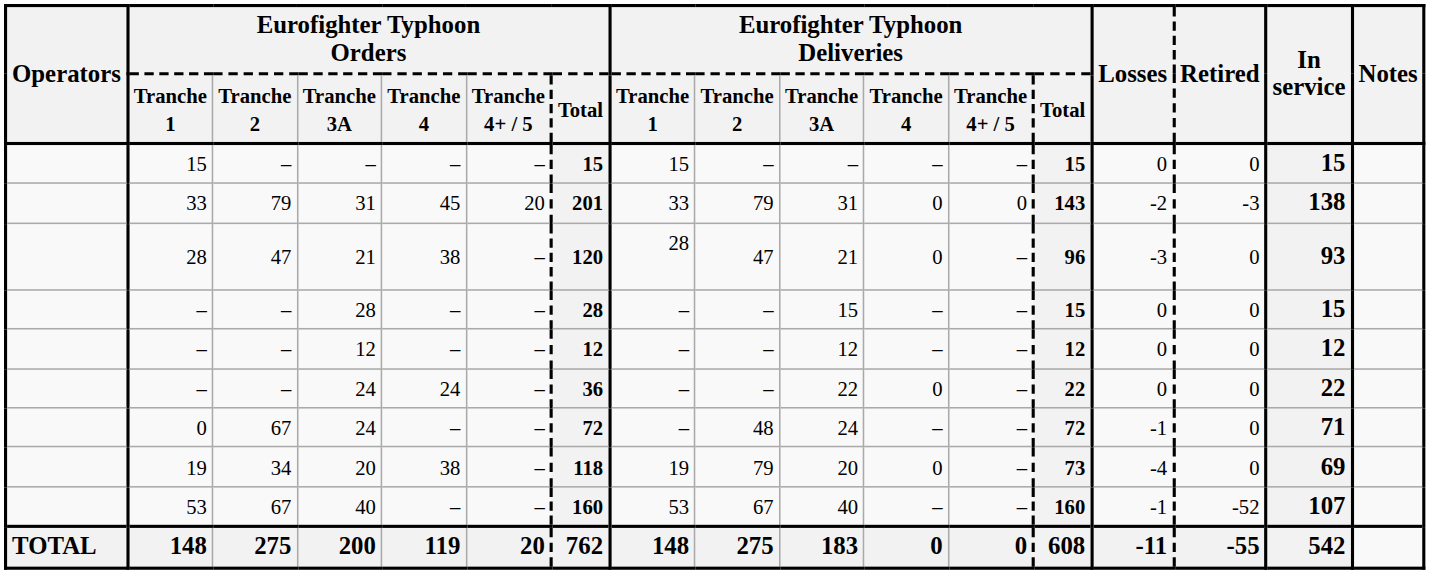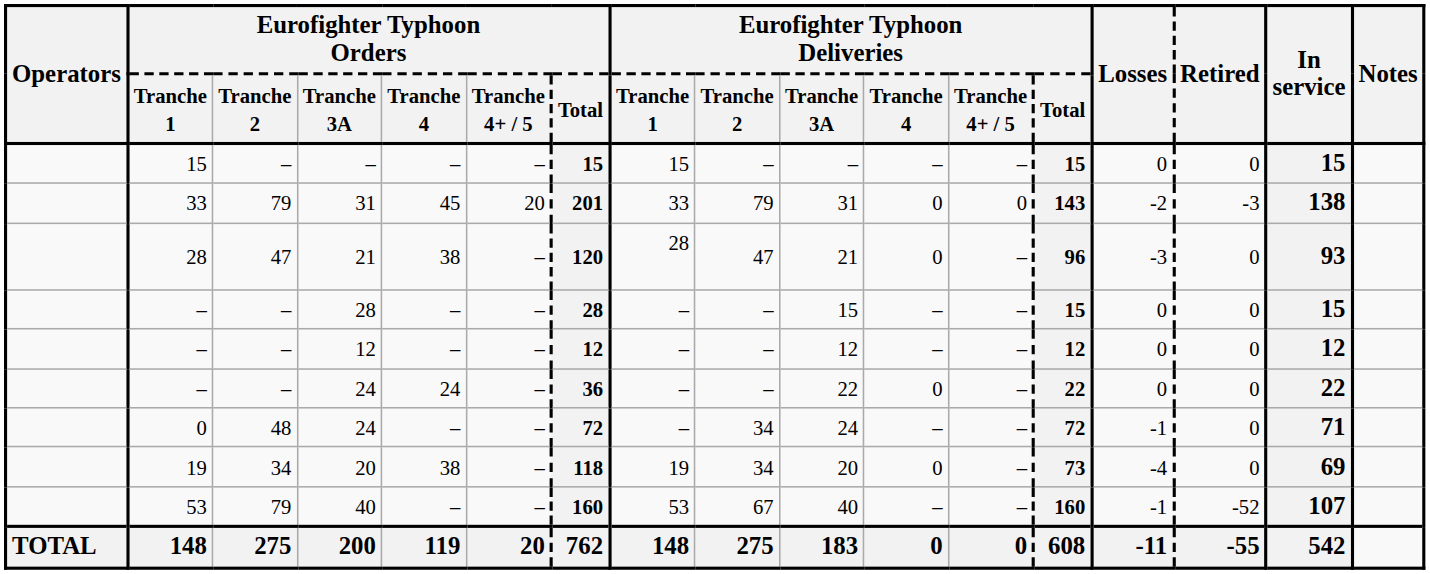 <table class="wikitable">
 <tr>
 <th rowspan="2" style="width: 150px;border-right:solid 2px black;border-left:solid 2px black;border-top:solid 2px black;border-bottom:solid 2px black; text-align:left">Operators</th>
 <th colspan="6" style="border-right:solid 2px black;border-top:solid 2px black">Eurofighter Typhoon<br>Orders</th>
 <th colspan="6" style="border-right:solid 2px black;border-top:solid 2px black">Eurofighter Typhoon<br>Deliveries</th>
 <th rowspan="2" style="border-right:dashed 2px black;border-top:solid 2px black;border-bottom:solid 2px black">Losses</th>
 <th rowspan="2" style="border-right:solid 2px black;border-top:solid 2px black;border-bottom:solid 2px black">Retired</th>
 <th rowspan="2" style="border-right:solid 2px black;border-top:solid 2px black;border-bottom:solid 2px black">In service</th>
 <th rowspan="2" style="border-right:solid 2px black;border-top:solid 2px black;border-bottom:solid 2px black">Notes</th>
 </tr>
 <tr>
 <th style="width: 37px;border-top:dashed 2px black;border-bottom:solid 2px black"><small>Tranche 1</small></th>
 <th style="width: 37px;border-top:dashed 2px black;border-bottom:solid 2px black"><small>Tranche 2</small></th>
 <th style="width: 37px;border-top:dashed 2px black;border-bottom:solid 2px black"><small>Tranche 3A</small></th>
 <th style="width: 37px;border-top:dashed 2px black;border-bottom:solid 2px black"><small>Tranche 4</small></th>
 <th style="width: 37px;border-top:dashed 2px black;border-bottom:solid 2px black"><small>Tranche 4+ / 5</small></th>
 <th style="width: 50px;border-top:dashed 2px black;border-left:dashed 2px black;border-right:solid 2px black;border-bottom:solid 2px black"><small>Total</small></th>
 <th style="width: 37px;border-top:dashed 2px black;border-bottom:solid 2px black"><small>Tranche 1</small></th>
 <th style="width: 37px;border-top:dashed 2px black;border-bottom:solid 2px black"><small>Tranche 2</small></th>
 <th style="width: 37px;border-top:dashed 2px black;border-bottom:solid 2px black"><small>Tranche 3A</small></th>
 <th style="width: 37px;border-top:dashed 2px black;border-bottom:solid 2px black"><small>Tranche 4</small></th>
 <th style="width: 37px;border-top:dashed 2px black;border-bottom:solid 2px black"><small>Tranche 4+ / 5</small></th>
 <th style="width: 50px;border-top:dashed 2px black;border-left:dashed 2px black;border-right:solid 2px black;border-bottom:solid 2px black; text-align:left"><small>Total</small></th>
 </tr>
 <tr>
 <td style="border-right:solid 2px black;border-left:solid 2px black"><small></small></td>
 <td style="text-align:right"><small>15</small></td>
 <td style="text-align:right"><small>–</small></td>
 <td style="text-align:right"><small>–</small></td>
 <td style="text-align:right"><small>–</small></td>
 <td style="text-align:right"><small>–</small></td>
 <th style="width: 35px;border-left:dashed 2px black;border-right:solid 2px black;text-align:right"><small>15</small></th>
 <td style="text-align:right"><small>15</small></td>
 <td style="text-align:right"><small>–</small></td>
 <td style="text-align:right"><small>–</small></td>
 <td style="text-align:right"><small>–</small></td>
 <td style="text-align:right"><small>–</small></td>
 <th style="width: 35px;border-left:dashed 2px black;border-right:solid 2px black;text-align:right"><small>15</small></th>
 <td style="width: 35px;border-right:dashed 2px black;text-align:right"><small>0</small></td>
 <td style="width: 35px;border-right:solid 2px black;text-align:right"><small>0</small></td>
 <th style="width: 35px;border-right:solid 2px black;text-align:right">15</th>
 <td style="width: 35px;border-right:solid 2px black"></td>
 </tr>
 <tr>
 <td style="border-right:solid 2px black;border-left:solid 2px black"><small></small></td>
 <td style="text-align:right"><small>33</small></td>
 <td style="text-align:right"><small>79</small></td>
 <td style="text-align:right"><small>31</small></td>
 <td style="text-align:right"><small>45</small></td>
 <td style="text-align:right"><small>20</small></td>
 <th style="width: 35px;border-left:dashed 2px black;border-right:solid 2px black;text-align:right"><small>201</small></th>
 <td style="text-align:right"><small>33</small><br><small></small></td>
 <td style="text-align:right"><small>79</small><br><small></small></td>
 <td style="text-align:right"><small>31</small></td>
 <td style="text-align:right"><small>0</small><br><small></small></td>
 <td style="text-align:right"><small>0</small><br><small></small></td>
 <th style="width: 35px;border-left:dashed 2px black;border-right:solid 2px black;text-align:right"><small>143</small></th>
 <td style="width: 35px;border-right:dashed 2px black;text-align:right"><small>-2</small></td>
 <td style="width: 35px;border-right:solid 2px black;text-align:right"><small>-3</small></td>
 <th style="width: 35px;border-right:solid 2px black;text-align:right">138</th>
 <td style="width: 35px;border-right:solid 2px black"></td>
 </tr>
 <tr>
 <td style="border-right:solid 2px black;border-left:solid 2px black"><small></small></td>
 <td style="text-align:right"><small>28</small></td>
 <td style="text-align:right"><small>47</small></td>
 <td style="text-align:right"><small>21</small></td>
 <td style="text-align:right"><small>38</small></td>
 <td style="text-align:right"><small>–</small></td>
 <th style="width: 35px;border-left:dashed 2px black;border-right:solid 2px black;text-align:right"><small>120</small></th>
 <td style="text-align:right"><small>28</small><br><small></small><br><small></small></td>
 <td style="text-align:right"><small>47<br></small></td>
 <td style="text-align:right"><small>21<br></small></td>
 <td style="text-align:right"><small>0</small><br><small></small></td>
 <td style="text-align:right"><small>–</small></td>
 <th style="width: 35px;border-left:dashed 2px black;border-right:solid 2px black;text-align:right"><small>96</small></th>
 <td style="width: 35px;border-right:dashed 2px black;text-align:right"><small>-3</small></td>
 <td style="width: 35px;border-right:solid 2px black;text-align:right"><small>0</small></td>
 <th style="width: 35px;border-right:solid 2px black;text-align:right">93</th>
 <td style="width: 35px;border-right:solid 2px black"></td>
 </tr>
 <tr>
 <td style="border-right:solid 2px black;border-left:solid 2px black"><small></small></td>
 <td style="text-align:right"><small>–</small></td>
 <td style="text-align:right"><small>–</small></td>
 <td style="text-align:right"><small>28</small></td>
 <td style="text-align:right"><small>–</small></td>
 <td style="text-align:right"><small>–</small></td>
 <th style="width: 35px;border-left:dashed 2px black;border-right:solid 2px black;text-align:right"><small>28</small></th>
 <td style="text-align:right"><small>–</small></td>
 <td style="text-align:right"><small>–</small></td>
 <td style="text-align:right"><small>15</small><br><small></small></td>
 <td style="text-align:right"><small>–</small></td>
 <td style="text-align:right"><small>–</small></td>
 <th style="width: 35px;border-left:dashed 2px black;border-right:solid 2px black;text-align:right"><small>15</small></th>
 <td style="width: 35px;border-right:dashed 2px black;text-align:right"><small>0</small></td>
 <td style="width: 35px;border-right:solid 2px black;text-align:right"><small>0</small></td>
 <th style="width: 35px;border-right:solid 2px black;text-align:right">15</th>
 <td style="width: 35px;border-right:solid 2px black"></td>
 </tr>
 <tr>
 <td style="border-right:solid 2px black;border-left:solid 2px black"><small></small></td>
 <td style="text-align:right"><small>–</small></td>
 <td style="text-align:right"><small>–</small></td>
 <td style="text-align:right"><small>12</small></td>
 <td style="text-align:right"><small>–</small></td>
 <td style="text-align:right"><small>–</small></td>
 <th style="width: 35px;border-left:dashed 2px black;border-right:solid 2px black;text-align:right"><small>12</small></th>
 <td style="text-align:right"><small>–</small></td>
 <td style="text-align:right"><small>–</small></td>
 <td style="text-align:right"><small>12</small></td>
 <td style="text-align:right"><small>–</small></td>
 <td style="text-align:right"><small>–</small></td>
 <th style="width: 35px;border-left:dashed 2px black;border-right:solid 2px black;text-align:right"><small>12</small></th>
 <td style="width: 35px;border-right:dashed 2px black;text-align:right"><small>0</small></td>
 <td style="width: 35px;border-right:solid 2px black;text-align:right"><small>0</small></td>
 <th style="width: 35px;border-right:solid 2px black;text-align:right">12</th>
 <td style="width: 35px;border-right:solid 2px black"></td>
 </tr>
 <tr>
 <td style="border-right:solid 2px black;border-left:solid 2px black"><small></small></td>
 <td style="text-align:right"><small>–</small></td>
 <td style="text-align:right"><small>–</small></td>
 <td style="text-align:right"><small>24</small></td>
 <td style="text-align:right"><small>24</small></td>
 <td style="text-align:right"><small>–</small></td>
 <th style="width: 35px;border-left:dashed 2px black;border-right:solid 2px black;text-align:right"><small>36</small></th>
 <td style="text-align:right"><small>–</small></td>
 <td style="text-align:right"><small>–</small></td>
 <td style="text-align:right"><small>22</small><br><small></small></td>
 <td style="text-align:right"><small>0</small><br><small></small></td>
 <td style="text-align:right"><small>–</small></td>
 <th style="width: 35px;border-left:dashed 2px black;border-right:solid 2px black;text-align:right"><small>22</small></th>
 <td style="width: 35px;border-right:dashed 2px black;text-align:right"><small>0</small></td>
 <td style="width: 35px;border-right:solid 2px black;text-align:right"><small>0</small></td>
 <th style="width: 35px;border-right:solid 2px black;text-align:right">22</th>
 <td style="width: 35px;border-right:solid 2px black"></td>
 </tr>
 <tr>
 <td style="border-right:solid 2px black;border-left:solid 2px black"><small></small></td>
 <td style="text-align:right"><small>0</small></td>
-<td style="text-align:right"><small>67</small></td>
+<td style="text-align:right"><small>48</small></td>
 <td style="text-align:right"><small>24</small></td>
 <td style="text-align:right"><small>–</small></td>
 <td style="text-align:right"><small>–</small></td>
 <th style="width: 35px;border-left:dashed 2px black;border-right:solid 2px black;text-align:right"><small>72</small></th>
 <td style="text-align:right"><small>–</small></td>
-<td style="text-align:right"><small>48</small><br><small></small></td>
+<td style="text-align:right"><small>34</small><br><small></small></td>
 <td style="text-align:right"><small>24</small></td>
 <td style="text-align:right"><small>–</small></td>
 <td style="text-align:right"><small>–</small></td>
 <th style="width: 35px;border-left:dashed 2px black;border-right:solid 2px black;text-align:right"><small>72</small></th>
 <td style="width: 35px;border-right:dashed 2px black;text-align:right"><small>-1</small></td>
 <td style="width: 35px;border-right:solid 2px black;text-align:right"><small>0</small></td>
 <th style="width: 35px;border-right:solid 2px black;text-align:right">71</th>
 <td style="width: 35px;border-right:solid 2px black"></td>
 </tr>
 <tr>
 <td style="border-right:solid 2px black;border-left:solid 2px black"><small></small></td>
 <td style="text-align:right"><small>19</small></td>
 <td style="text-align:right"><small>34</small></td>
 <td style="text-align:right"><small>20</small></td>
 <td style="text-align:right"><small>38</small></td>
 <td style="text-align:right"><small>–</small></td>
 <th style="width: 35px;border-left:dashed 2px black;border-right:solid 2px black;text-align:right"><small>118</small></th>
 <td style="text-align:right"><small>19</small><br><small></small></td>
-<td style="text-align:right"><small>79</small><br><small></small></td>
+<td style="text-align:right"><small>34</small><br><small></small></td>
 <td style="text-align:right"><small>20</small></td>
 <td style="text-align:right"><small>0</small><br><small></small></td>
 <td style="text-align:right"><small>–</small></td>
 <th style="width: 35px;border-left:dashed 2px black;border-right:solid 2px black;text-align:right"><small>73</small></th>
 <td style="width: 35px;border-right:dashed 2px black;text-align:right"><small>-4</small></td>
 <td style="width: 35px;border-right:solid 2px black;text-align:right"><small>0</small></td>
 <th style="width: 35px;border-right:solid 2px black;text-align:right">69</th>
 <td style="width: 35px;border-right:solid 2px black"></td>
 </tr>
 <tr>
 <td style="border-right:solid 2px black;border-left:solid 2px black"><small></small></td>
 <td style="text-align:right"><small>53</small></td>
-<td style="text-align:right"><small>67</small></td>
+<td style="text-align:right"><small>79</small></td>
 <td style="text-align:right"><small>40</small></td>
 <td style="text-align:right"><small>–</small></td>
 <td style="text-align:right"><small>–</small></td>
 <th style="width: 35px;border-left:dashed 2px black;border-right:solid 2px black;text-align:right"><small>160</small></th>
 <td style="text-align:right"><small>53</small><br><small></small></td>
 <td style="text-align:right"><small>67</small></td>
 <td style="text-align:right"><small>40</small></td>
 <td style="text-align:right"><small>–</small></td>
 <td style="text-align:right"><small>–</small></td>
 <th style="width: 35px;border-left:dashed 2px black;border-right:solid 2px black;text-align:right"><small>160</small></th>
 <td style="width: 35px;border-right:dashed 2px black;text-align:right"><small>-1</small></td>
 <td style="width: 35px;border-right:solid 2px black;text-align:right"><small>-52</small></td>
 <th style="width: 35px;border-right:solid 2px black;text-align:right">107</th>
 <td style="width: 35px;border-right:solid 2px black"></td>
 </tr>
 <tr>
 <th style="border-right:solid 2px black;border-left:solid 2px black;border-bottom:solid 2px black;border-top:solid 2px black;text-align:left">TOTAL</th>
 <th style="border-bottom:solid 2px black;border-top:solid 2px black;text-align:right">148</th>
 <th style="border-bottom:solid 2px black;border-top:solid 2px black;text-align:right">275</th>
 <th style="border-bottom:solid 2px black;border-top:solid 2px black;text-align:right">200</th>
 <th style="border-bottom:solid 2px black;border-top:solid 2px black;text-align:right">119</th>
 <th style="border-bottom:solid 2px black;border-top:solid 2px black;text-align:right">20</th>
 <th style="border-right:solid 2px black;border-left:dashed 2px black;border-bottom:solid 2px black;border-top:solid 2px black;text-align:right">762</th>
 <th style="border-bottom:solid 2px black;border-top:solid 2px black;text-align:right">148</th>
 <th style="border-bottom:solid 2px black;border-top:solid 2px black;text-align:right">275</th>
 <th style="border-bottom:solid 2px black;border-top:solid 2px black;text-align:right">183</th>
 <th style="border-bottom:solid 2px black;border-top:solid 2px black;text-align:right">0</th>
 <th style="border-bottom:solid 2px black;border-top:solid 2px black;text-align:right">0</th>
 <th style="border-right:solid 2px black;border-left:dashed 2px black;border-bottom:solid 2px black;border-top:solid 2px black;text-align:right">608</th>
 <th style="border-right:dashed 2px black;border-bottom:solid 2px black;border-top:solid 2px black;text-align:right"><strong>-11</strong></th>
 <th style="border-right:solid 2px black;border-bottom:solid 2px black;border-top:solid 2px black;text-align:right">-55</th>
 <th style="border-right:solid 2px black;border-bottom:solid 2px black;border-top:solid 2px black;text-align:right">542</th>
 <td style="border-right:solid 2px black;border-bottom:solid 2px black;border-top:solid 2px black"></td>
 </tr>
 </table>
